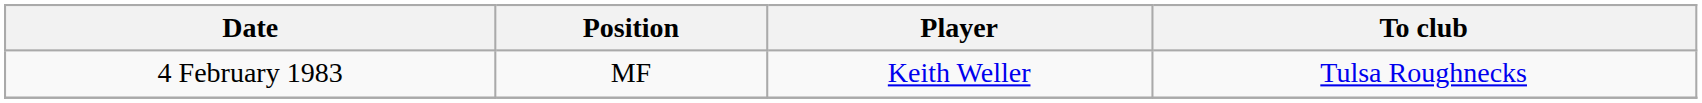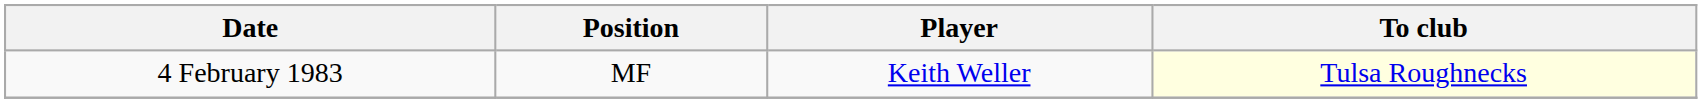 <table class="wikitable sortable" style="width:65%; text-align:center; font-size:85%; text-align:centre;">
 <tr>
 <th><strong>Date</strong></th>
 <th><strong>Position</strong></th>
 <th><strong>Player</strong></th>
 <th><strong>To club</strong></th>
 </tr>
 <tr>
 <td>4 February 1983</td>
 <td>MF</td>
 <td> <a href='#'>Keith Weller</a></td>
-<td><a href='#'>Tulsa Roughnecks</a></td>
+<td style="background: lightyellow;"><a href='#'>Tulsa Roughnecks</a></td>
 </tr>
 <tr>
 </tr>
 </table>
